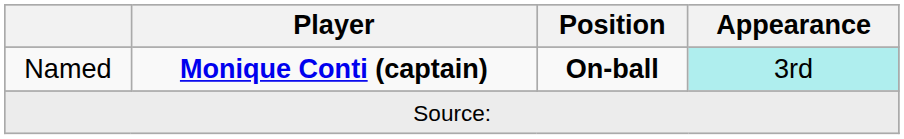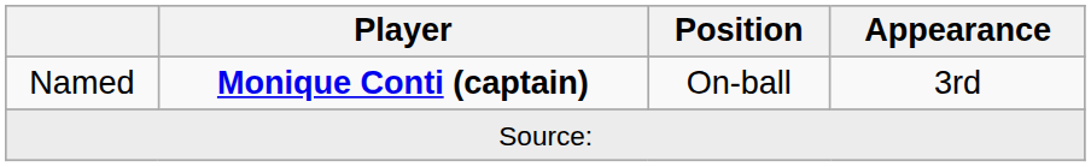 <table class="wikitable" style="text-align:center; font-size:100%; width:60%">
 <tr>
 <th></th>
 <th>Player</th>
 <th>Position</th>
 <th>Appearance</th>
 </tr>
 <tr>
 <td>Named</td>
 <td><strong><a href='#'>Monique Conti</a> (captain)</strong></td>
-<td><strong>On-ball</strong></td>
-<td style="background: paleturquoise;">3rd</td>
+<td>On-ball</td>
+<td>3rd</td>
 </tr>
 <tr>
 <td colspan="4" style="text-align: center; background: #ececec;"><small>Source:</small></td>
 </tr>
 </table>
